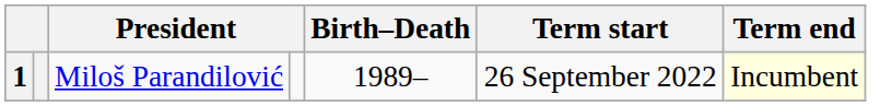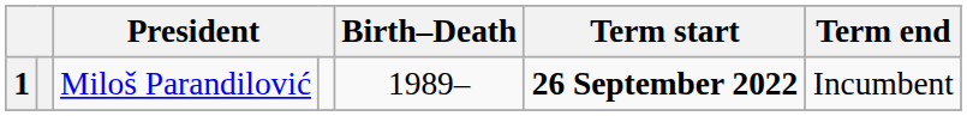 <table class="wikitable" style="text-align:center">
 <tr>
 <th colspan="2"></th>
 <th colspan="2">President</th>
 <th>Birth–Death</th>
 <th>Term start</th>
 <th>Term end</th>
 </tr>
 <tr>
 <th>1</th>
 <th style="background:"></th>
 <td><a href='#'>Miloš Parandilović</a></td>
 <td></td>
 <td>1989–</td>
-<td>26 September 2022</td>
-<td style="background: lightyellow;">Incumbent</td>
+<td><strong>26 September 2022</strong></td>
+<td>Incumbent</td>
 </tr>
 </table>
